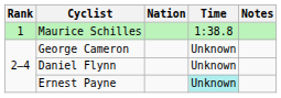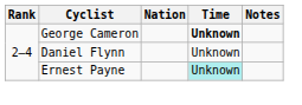 <table class="wikitable sortable" style="text-align:center">
 <tr>
 <th>Rank</th>
 <th>Cyclist</th>
 <th>Nation</th>
 <th>Time</th>
 <th>Notes</th>
 </tr>
-<tr bgcolor=bbf3bb>
-<td>1</td>
-<td align=left>Maurice Schilles</td>
-<td align=left></td>
-<td>1:38.8</td>
-<td></td>
-</tr>
 <tr>
 <td rowspan=3>2–4</td>
 <td align=left>George Cameron</td>
 <td align=left></td>
-<td>Unknown</td>
+<td><strong>Unknown</strong></td>
 <td></td>
 </tr>
 <tr>
 <td align=left>Daniel Flynn</td>
 <td align=left></td>
 <td>Unknown</td>
 <td></td>
 </tr>
 <tr>
 <td align=left>Ernest Payne</td>
 <td align=left></td>
 <td style="background: paleturquoise;">Unknown</td>
 <td></td>
 </tr>
 </table>
